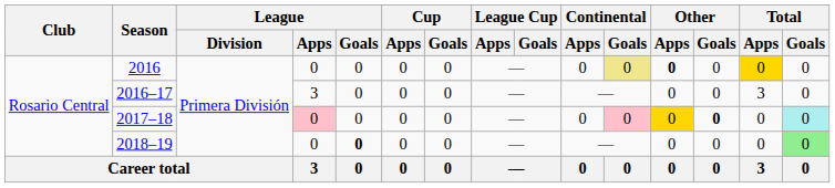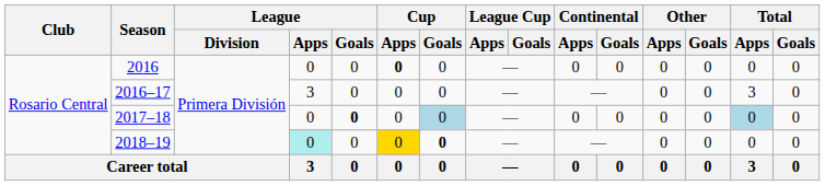 <table class="wikitable" style="text-align:center">
 <tr>
 <th rowspan="2">Club</th>
 <th rowspan="2">Season</th>
 <th colspan="3">League</th>
 <th colspan="2">Cup</th>
 <th colspan="2">League Cup</th>
 <th colspan="2">Continental</th>
 <th colspan="2">Other</th>
 <th colspan="2">Total</th>
 </tr>
 <tr>
 <th>Division</th>
 <th>Apps</th>
 <th>Goals</th>
 <th>Apps</th>
 <th>Goals</th>
 <th>Apps</th>
 <th>Goals</th>
 <th>Apps</th>
 <th>Goals</th>
 <th>Apps</th>
 <th>Goals</th>
 <th>Apps</th>
 <th>Goals</th>
 </tr>
 <tr>
 <td rowspan="4"><a href='#'>Rosario Central</a></td>
 <td><a href='#'>2016</a></td>
 <td rowspan="4"><a href='#'>Primera División</a></td>
 <td>0</td>
 <td>0</td>
-<td>0</td>
+<td><strong>0</strong></td>
 <td>0</td>
 <td colspan="2">—</td>
 <td>0</td>
-<td style="background: khaki;">0</td>
-<td><strong>0</strong></td>
 <td>0</td>
-<td style="background: gold;">0</td>
+<td>0</td>
+<td>0</td>
+<td>0</td>
 <td>0</td>
 </tr>
 <tr>
 <td><a href='#'>2016–17</a></td>
 <td>3</td>
 <td>0</td>
 <td>0</td>
 <td>0</td>
 <td colspan="2">—</td>
 <td colspan="2">—</td>
 <td>0</td>
 <td>0</td>
 <td>3</td>
 <td>0</td>
 </tr>
 <tr>
 <td><a href='#'>2017–18</a></td>
-<td style="background: pink;">0</td>
+<td>0</td>
+<td><strong>0</strong></td>
+<td>0</td>
+<td style="background: lightblue;">0</td>
+<td colspan="2">—</td>
 <td>0</td>
 <td>0</td>
 <td>0</td>
-<td colspan="2">—</td>
 <td>0</td>
-<td style="background: pink;">0</td>
-<td style="background: gold;">0</td>
-<td><strong>0</strong></td>
+<td style="background: lightblue;">0</td>
 <td>0</td>
-<td style="background: paleturquoise;">0</td>
 </tr>
 <tr>
 <td><a href='#'>2018–19</a></td>
+<td style="background: paleturquoise;">0</td>
 <td>0</td>
+<td style="background: gold;">0</td>
 <td><strong>0</strong></td>
-<td>0</td>
-<td>0</td>
 <td colspan="2">—</td>
 <td colspan="2">—</td>
 <td>0</td>
 <td>0</td>
 <td>0</td>
-<td style="background: lightgreen;">0</td>
+<td>0</td>
 </tr>
 <tr>
 <th colspan="3">Career total</th>
 <th>3</th>
 <th>0</th>
 <th>0</th>
 <th>0</th>
 <th colspan="2">—</th>
 <th>0</th>
 <th>0</th>
 <th>0</th>
 <th>0</th>
 <th>3</th>
 <th>0</th>
 </tr>
 </table>
